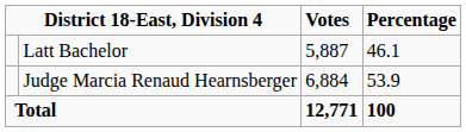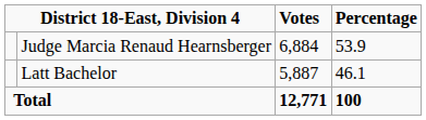 <table class="wikitable">
 <tr>
 <td colspan="2" rowspan="1" align="center" valign="top"><strong>District 18-East, Division 4</strong></td>
 <td style="vertical-align:top;"><strong>Votes</strong><br></td>
 <td style="vertical-align:top;"><strong>Percentage</strong><br></td>
 </tr>
 <tr>
 <td style="background-color:"> </td>
+<td>Judge Marcia Renaud Hearnsberger</td>
+<td>6,884</td>
+<td>53.9</td>
+</tr>
+<tr>
+<td style="background-color:"> </td>
 <td>Latt Bachelor</td>
 <td>5,887</td>
 <td>46.1</td>
-</tr>
-<tr>
-<td style="background-color:"> </td>
-<td>Judge Marcia Renaud Hearnsberger</td>
-<td>6,884</td>
-<td>53.9</td>
 </tr>
 <tr>
 <td colspan="2" rowspan="1"> <strong>Total</strong><br></td>
 <td><strong>12,771</strong></td>
 <td><strong>100</strong></td>
 </tr>
 <tr>
 </tr>
 </table>
